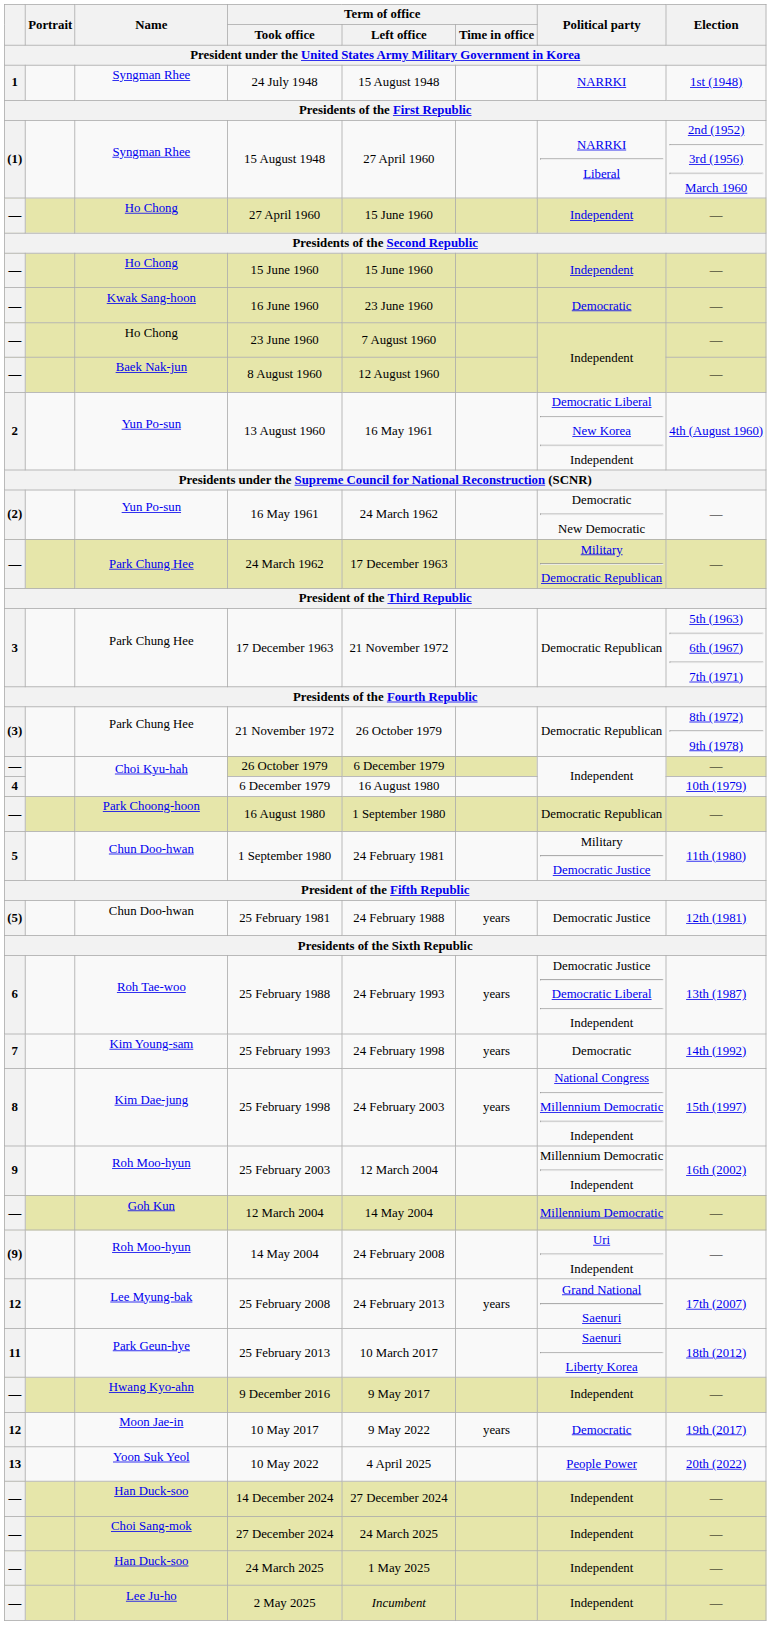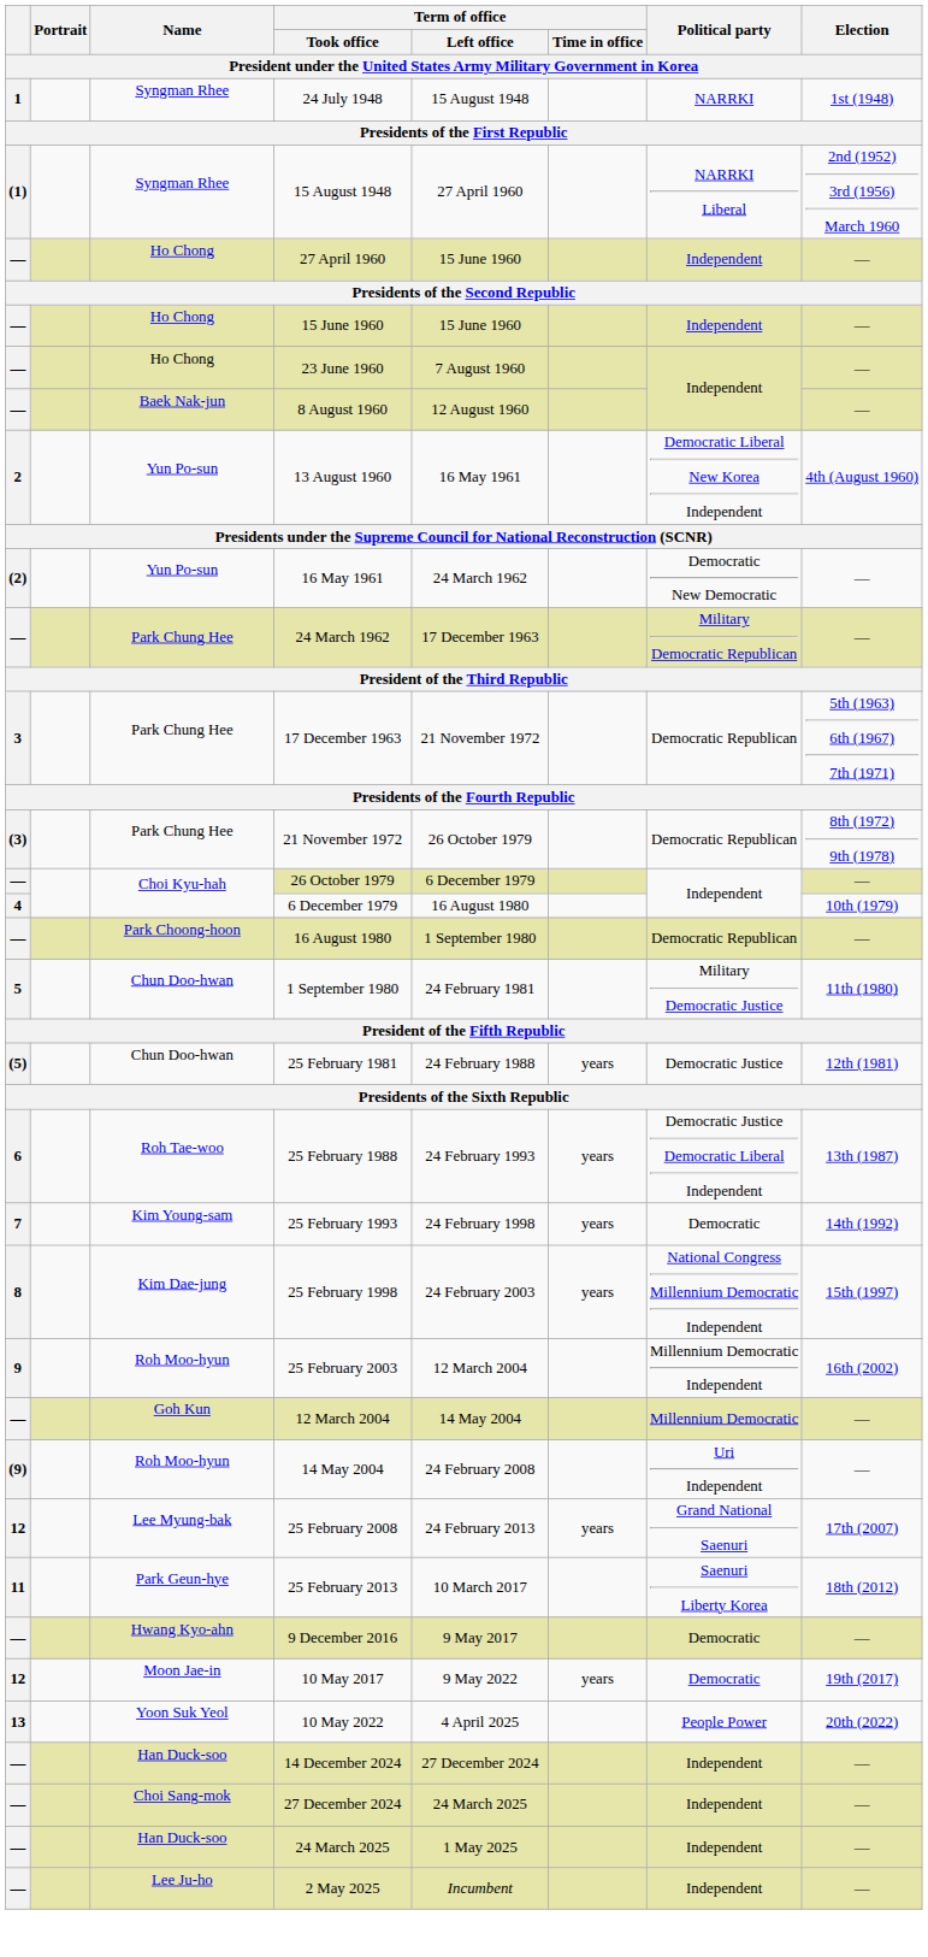 <table class="wikitable" style="text-align:center">
 <tr>
 <th rowspan="2"></th>
 <th rowspan="2">Portrait</th>
 <th rowspan="2" width="20%">Name<br></th>
 <th colspan="3">Term of office</th>
 <th rowspan="2">Political party</th>
 <th rowspan="2">Election</th>
 </tr>
 <tr>
 <th width="15%">Took office</th>
 <th width="15%">Left office</th>
 <th>Time in office</th>
 </tr>
 <tr>
 <th colspan="8">President under the <a href='#'>United States Army Military Government in Korea</a></th>
 </tr>
 <tr>
 <th style="background:">1</th>
 <td></td>
 <td><a href='#'>Syngman Rhee</a><br><br></td>
 <td>24 July 1948</td>
 <td>15 August 1948</td>
 <td></td>
 <td><a href='#'>NARRKI</a></td>
 <td><a href='#'>1st (1948)</a></td>
 </tr>
 <tr>
 <th colspan="8">Presidents of the <a href='#'>First Republic</a></th>
 </tr>
 <tr>
 <th style="background:">(1)</th>
 <td></td>
 <td><a href='#'>Syngman Rhee</a><br><br></td>
 <td>15 August 1948</td>
 <td>27 April 1960</td>
 <td></td>
 <td><a href='#'>NARRKI</a><hr><a href='#'>Liberal</a></td>
 <td><a href='#'>2nd (1952)</a><hr><a href='#'>3rd (1956)</a><hr><a href='#'>March 1960</a></td>
 </tr>
 <tr style="background:#E6E6AA;">
 <th style="background:">—</th>
 <td></td>
 <td><a href='#'>Ho Chong</a><br><br></td>
 <td>27 April 1960</td>
 <td>15 June 1960</td>
 <td></td>
 <td><a href='#'>Independent</a></td>
 <td>—</td>
 </tr>
 <tr>
 <th colspan="8">Presidents of the <a href='#'>Second Republic</a></th>
 </tr>
 <tr style="background:#E6E6AA;">
 <th style="background:">—</th>
 <td></td>
 <td><a href='#'>Ho Chong</a><br><br></td>
 <td>15 June 1960</td>
 <td>15 June 1960</td>
 <td></td>
 <td><a href='#'>Independent</a></td>
-<td>—</td>
-</tr>
-<tr style="background:#E6E6AA;">
-<th style="background:">—</th>
-<td></td>
-<td><a href='#'>Kwak Sang-hoon</a><br><br></td>
-<td>16 June 1960</td>
-<td>23 June 1960</td>
-<td></td>
-<td><a href='#'>Democratic</a></td>
 <td>—</td>
 </tr>
 <tr style="background:#E6E6AA;">
 <th style="background:">—</th>
 <td></td>
 <td>Ho Chong<br><br></td>
 <td>23 June 1960</td>
 <td>7 August 1960</td>
 <td></td>
 <td rowspan="2">Independent</td>
 <td>—</td>
 </tr>
 <tr style="background:#E6E6AA;">
 <th style="background:">—</th>
 <td></td>
 <td><a href='#'>Baek Nak-jun</a><br><br></td>
 <td>8 August 1960</td>
 <td>12 August 1960</td>
 <td></td>
 <td>—</td>
 </tr>
 <tr>
 <th style="background:">2</th>
 <td></td>
 <td><a href='#'>Yun Po-sun</a><br><br></td>
 <td>13 August 1960</td>
 <td>16 May 1961</td>
 <td></td>
 <td><a href='#'>Democratic Liberal</a><hr><a href='#'>New Korea</a><hr>Independent</td>
 <td><a href='#'>4th (August 1960)</a></td>
 </tr>
 <tr>
 <th colspan="8">Presidents under the <a href='#'>Supreme Council for National Reconstruction</a> (SCNR)</th>
 </tr>
 <tr>
 <th style="background:">(2)</th>
 <td></td>
 <td><a href='#'>Yun Po-sun</a><br><br></td>
 <td>16 May 1961</td>
 <td>24 March 1962</td>
 <td></td>
 <td>Democratic<hr>New Democratic</td>
 <td>—</td>
 </tr>
 <tr style="background:#E6E6AA;">
 <th style="background:">—</th>
 <td></td>
 <td><br><a href='#'>Park Chung Hee</a><br><br></td>
 <td>24 March 1962</td>
 <td>17 December 1963</td>
 <td></td>
 <td><a href='#'>Military</a><hr><a href='#'>Democratic Republican</a></td>
 <td>—</td>
 </tr>
 <tr>
 <th colspan="8">President of the <a href='#'>Third Republic</a></th>
 </tr>
 <tr>
 <th style="background:">3</th>
 <td></td>
 <td>Park Chung Hee<br><br></td>
 <td>17 December 1963</td>
 <td>21 November 1972</td>
 <td></td>
 <td>Democratic Republican</td>
 <td><a href='#'>5th (1963)</a><hr><a href='#'>6th (1967)</a><hr><a href='#'>7th (1971)</a></td>
 </tr>
 <tr>
 <th colspan="8">Presidents of the <a href='#'>Fourth Republic</a></th>
 </tr>
 <tr>
 <th style="background:">(3)</th>
 <td></td>
 <td>Park Chung Hee<br><br></td>
 <td>21 November 1972</td>
 <td>26 October 1979</td>
 <td></td>
 <td>Democratic Republican</td>
 <td><a href='#'>8th (1972)</a><hr><a href='#'>9th (1978)</a></td>
 </tr>
 <tr>
 <th style="background:">—</th>
 <td rowspan="2"></td>
 <td rowspan="2"><a href='#'>Choi Kyu-hah</a><br><br></td>
 <td bgcolor="#E6E6AA">26 October 1979</td>
 <td bgcolor="#E6E6AA">6 December 1979</td>
 <td bgcolor="#E6E6AA"></td>
 <td rowspan="2">Independent</td>
 <td bgcolor="#E6E6AA">—</td>
 </tr>
 <tr>
 <th style="background:">4</th>
 <td>6 December 1979</td>
 <td>16 August 1980</td>
 <td></td>
 <td><a href='#'>10th (1979)</a></td>
 </tr>
 <tr style="background:#E6E6AA;">
 <th style="background:">—</th>
 <td></td>
 <td><a href='#'>Park Choong-hoon</a><br><br></td>
 <td>16 August 1980</td>
 <td>1 September 1980</td>
 <td></td>
 <td>Democratic Republican</td>
 <td>—</td>
 </tr>
 <tr>
 <th style="background:">5</th>
 <td></td>
 <td><a href='#'>Chun Doo-hwan</a><br><br></td>
 <td>1 September 1980</td>
 <td>24 February 1981</td>
 <td></td>
 <td>Military<br><hr><a href='#'>Democratic Justice</a><br></td>
 <td><a href='#'>11th (1980)</a></td>
 </tr>
 <tr>
 <th colspan="8">President of the <a href='#'>Fifth Republic</a></th>
 </tr>
 <tr>
 <th style="background:">(5)</th>
 <td></td>
 <td>Chun Doo-hwan<br><br></td>
 <td>25 February 1981</td>
 <td>24 February 1988</td>
 <td> years</td>
 <td>Democratic Justice<br></td>
 <td><a href='#'>12th (1981)</a></td>
 </tr>
 <tr>
 <th colspan="8">Presidents of the Sixth Republic</th>
 </tr>
 <tr>
 <th style="background:">6</th>
 <td></td>
 <td><a href='#'>Roh Tae-woo</a><br><br></td>
 <td>25 February 1988</td>
 <td>24 February 1993</td>
 <td> years</td>
 <td>Democratic Justice<br><hr><a href='#'>Democratic Liberal</a><br><hr>Independent<br></td>
 <td><a href='#'>13th (1987)</a></td>
 </tr>
 <tr>
 <th style="background:">7</th>
 <td></td>
 <td><a href='#'>Kim Young-sam</a><br><br></td>
 <td>25 February 1993</td>
 <td>24 February 1998</td>
 <td> years</td>
 <td>Democratic</td>
 <td><a href='#'>14th (1992)</a></td>
 </tr>
 <tr>
 <th style="background:">8</th>
 <td></td>
 <td><a href='#'>Kim Dae-jung</a><br><br></td>
 <td>25 February 1998</td>
 <td>24 February 2003</td>
 <td> years</td>
 <td><a href='#'>National Congress</a><hr><a href='#'>Millennium Democratic</a><hr>Independent</td>
 <td><a href='#'>15th (1997)</a></td>
 </tr>
 <tr>
 <th style="background:">9</th>
 <td></td>
 <td><a href='#'>Roh Moo-hyun</a><br><br></td>
 <td>25 February 2003</td>
 <td>12 March 2004</td>
 <td></td>
 <td>Millennium Democratic<hr>Independent</td>
 <td><a href='#'>16th (2002)</a></td>
 </tr>
 <tr style="background:#E6E6AA;">
 <th style="background:">—</th>
 <td></td>
 <td><a href='#'>Goh Kun</a><br><br></td>
 <td>12 March 2004</td>
 <td>14 May 2004</td>
 <td></td>
 <td><a href='#'>Millennium Democratic</a></td>
 <td>—</td>
 </tr>
 <tr>
 <th style="background:">(9)</th>
 <td></td>
 <td><a href='#'>Roh Moo-hyun</a><br><br></td>
 <td>14 May 2004</td>
 <td>24 February 2008</td>
 <td></td>
 <td><a href='#'>Uri</a><hr>Independent</td>
 <td>—</td>
 </tr>
 <tr>
 <th style="background:">12</th>
 <td></td>
 <td><a href='#'>Lee Myung-bak</a><br><br></td>
 <td>25 February 2008</td>
 <td>24 February 2013</td>
 <td> years</td>
 <td><a href='#'>Grand National</a><hr><a href='#'>Saenuri</a></td>
 <td><a href='#'>17th (2007)</a></td>
 </tr>
 <tr>
 <th style="background:">11</th>
 <td></td>
 <td><a href='#'>Park Geun-hye</a><br><br></td>
 <td>25 February 2013</td>
 <td>10 March 2017</td>
 <td></td>
 <td><a href='#'>Saenuri</a><hr><a href='#'>Liberty Korea</a></td>
 <td><a href='#'>18th (2012)</a></td>
 </tr>
 <tr style="background:#E6E6AA;">
 <th style="background:">—</th>
 <td></td>
 <td><a href='#'>Hwang Kyo-ahn</a><br><br></td>
 <td>9 December 2016</td>
 <td>9 May 2017</td>
 <td></td>
-<td>Independent</td>
+<td>Democratic</td>
 <td>—</td>
 </tr>
 <tr>
 <th style="background:">12</th>
 <td></td>
 <td><a href='#'>Moon Jae-in</a><br><br></td>
 <td>10 May 2017</td>
 <td>9 May 2022</td>
 <td> years</td>
 <td><a href='#'>Democratic</a></td>
 <td><a href='#'>19th (2017)</a></td>
 </tr>
 <tr>
 <th style="background:">13</th>
 <td></td>
 <td><a href='#'>Yoon Suk Yeol</a><br><br></td>
 <td>10 May 2022</td>
 <td>4 April 2025</td>
 <td></td>
 <td><a href='#'>People Power</a></td>
 <td><a href='#'>20th (2022)</a></td>
 </tr>
 <tr style="background:#E6E6AA;">
 <th style="background:">—</th>
 <td></td>
 <td><a href='#'>Han Duck-soo</a><br><br></td>
 <td>14 December 2024</td>
 <td>27 December 2024</td>
 <td></td>
 <td>Independent</td>
 <td>—</td>
 </tr>
 <tr style="background:#E6E6AA;">
 <th style="background:">—</th>
 <td></td>
 <td><a href='#'>Choi Sang-mok</a><br><br></td>
 <td>27 December 2024</td>
 <td>24 March 2025</td>
 <td></td>
 <td>Independent</td>
 <td>—</td>
 </tr>
 <tr style="background:#E6E6AA;">
 <th style="background:">—</th>
 <td></td>
 <td><a href='#'>Han Duck-soo</a><br><br></td>
 <td>24 March 2025</td>
 <td>1 May 2025</td>
 <td></td>
 <td>Independent</td>
 <td>—</td>
 </tr>
 <tr style="background:#E6E6AA;">
 <th style="background:">—</th>
 <td></td>
 <td><a href='#'>Lee Ju-ho</a><br><br></td>
 <td>2 May 2025</td>
 <td><em>Incumbent</em></td>
 <td></td>
 <td>Independent</td>
 <td>—</td>
 </tr>
 </table>
